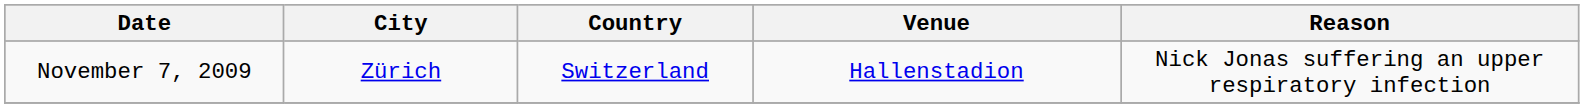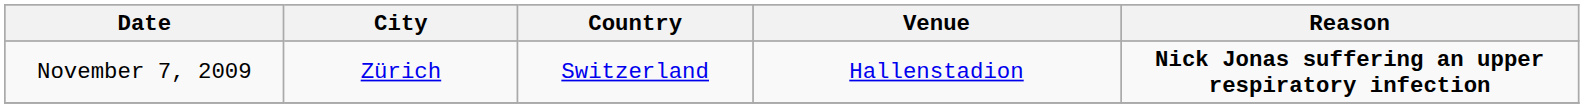 <table class="wikitable" style="text-align:center;">
 <tr>
 <th scope="col" style="width:12em;">Date</th>
 <th scope="col" style="width:10em;">City</th>
 <th scope="col" style="width:10em;">Country</th>
 <th scope="col" style="width:16em;">Venue</th>
 <th scope="col" style="width:20em;">Reason</th>
 </tr>
 <tr>
 <td>November 7, 2009</td>
 <td><a href='#'>Zürich</a></td>
 <td><a href='#'>Switzerland</a></td>
 <td><a href='#'>Hallenstadion</a></td>
-<td>Nick Jonas suffering an upper respiratory infection</td>
+<td><strong>Nick Jonas suffering an upper respiratory infection</strong></td>
 </tr>
 <tr>
 </tr>
 </table>
